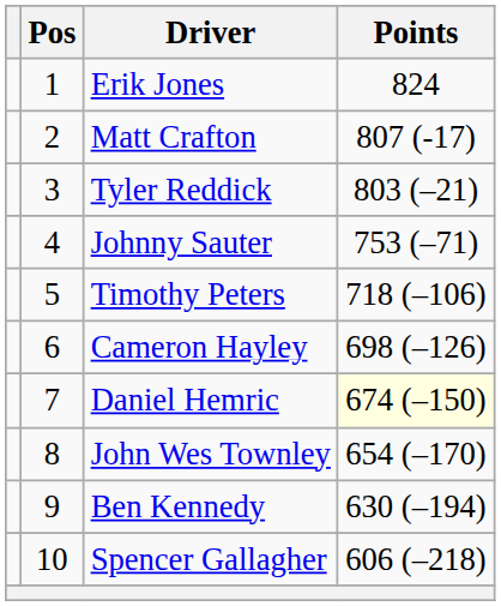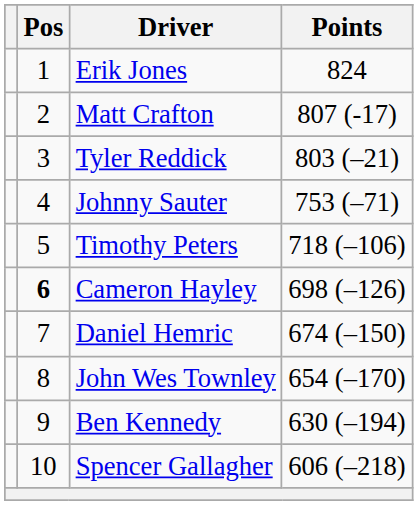 <table class="wikitable" style="font-size: 95%;">
 <tr>
 <th></th>
 <th>Pos</th>
 <th>Driver</th>
 <th>Points</th>
 </tr>
 <tr>
 <td align="left"></td>
 <td style="text-align:center;">1</td>
 <td><a href='#'>Erik Jones</a></td>
 <td style="text-align:center;">824</td>
 </tr>
 <tr>
 <td align="left"></td>
 <td style="text-align:center;">2</td>
 <td><a href='#'>Matt Crafton</a></td>
 <td style="text-align:center;">807 (-17)</td>
 </tr>
 <tr>
 <td align="left"></td>
 <td style="text-align:center;">3</td>
 <td><a href='#'>Tyler Reddick</a></td>
 <td style="text-align:center;">803 (–21)</td>
 </tr>
 <tr>
 <td align="left"></td>
 <td style="text-align:center;">4</td>
 <td><a href='#'>Johnny Sauter</a></td>
 <td style="text-align:center;">753 (–71)</td>
 </tr>
 <tr>
 <td align="left"></td>
 <td style="text-align:center;">5</td>
 <td><a href='#'>Timothy Peters</a></td>
 <td style="text-align:center;">718 (–106)</td>
 </tr>
 <tr>
 <td align="left"></td>
-<td style="text-align:center;">6</td>
+<td style="text-align:center;"><strong>6</strong></td>
 <td><a href='#'>Cameron Hayley</a></td>
 <td style="text-align:center;">698 (–126)</td>
 </tr>
 <tr>
 <td align="left"></td>
 <td style="text-align:center;">7</td>
 <td><a href='#'>Daniel Hemric</a></td>
-<td style="background: lightyellow; text-align:center;">674 (–150)</td>
+<td style="text-align:center;">674 (–150)</td>
 </tr>
 <tr>
 <td align="left"></td>
 <td style="text-align:center;">8</td>
 <td><a href='#'>John Wes Townley</a></td>
 <td style="text-align:center;">654 (–170)</td>
 </tr>
 <tr>
 <td align="left"></td>
 <td style="text-align:center;">9</td>
 <td><a href='#'>Ben Kennedy</a></td>
 <td style="text-align:center;">630 (–194)</td>
 </tr>
 <tr>
 <td align="left"></td>
 <td style="text-align:center;">10</td>
 <td><a href='#'>Spencer Gallagher</a></td>
 <td style="text-align:center;">606 (–218)</td>
 </tr>
 <tr>
 <th colspan="9"></th>
 </tr>
 </table>
